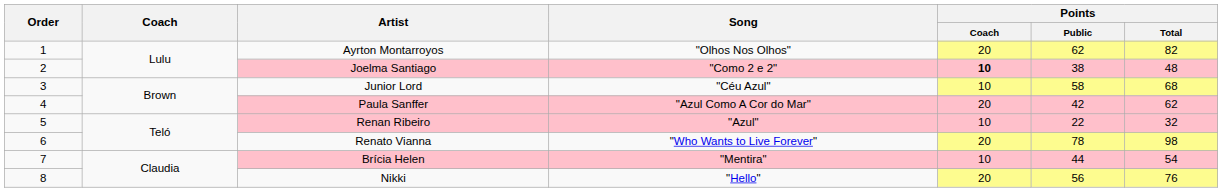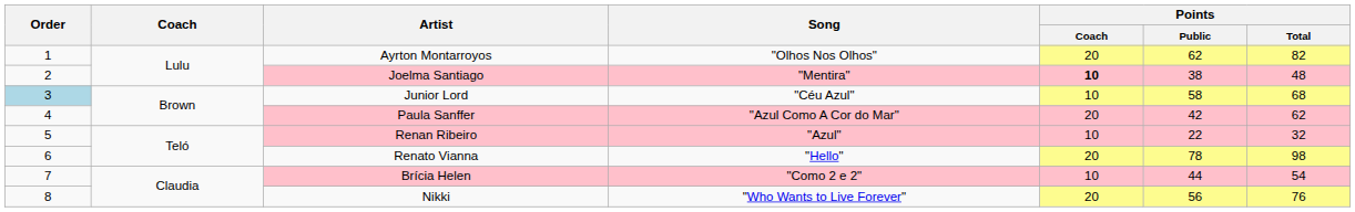 <table class="wikitable" style="text-align:center; width:85%;">
 <tr>
 <th rowspan=2 scope="col" width="05%">Order</th>
 <th rowspan=2 scope="col" width="10%">Coach</th>
 <th rowspan=2 scope="col" width="20%">Artist</th>
 <th rowspan=2 scope="col" width="25%">Song</th>
 <th colspan=3 scope="col" width="18%">Points</th>
 </tr>
 <tr>
 <th width="06%"><small>Coach</small></th>
 <th width="06%"><small>Public</small></th>
 <th width="06%"><small>Total</small></th>
 </tr>
 <tr>
 <td>1</td>
 <td rowspan=2>Lulu</td>
 <td>Ayrton Montarroyos</td>
 <td>"Olhos Nos Olhos"</td>
 <td bgcolor="FDFC8F">20</td>
 <td bgcolor="FDFC8F">62</td>
 <td bgcolor="FDFC8F">82</td>
 </tr>
 <tr>
 <td>2</td>
 <td bgcolor="FFC0CB">Joelma Santiago</td>
-<td bgcolor="FFC0CB">"Como 2 e 2"</td>
+<td bgcolor="FFC0CB">"Mentira"</td>
 <td bgcolor="FFC0CB"><strong>10</strong></td>
 <td bgcolor="FFC0CB">38</td>
 <td bgcolor="FFC0CB">48</td>
 </tr>
 <tr>
-<td>3</td>
+<td style="background: lightblue;">3</td>
 <td rowspan=2>Brown</td>
 <td>Junior Lord</td>
 <td>"Céu Azul"</td>
 <td bgcolor="FDFC8F">10</td>
 <td bgcolor="FDFC8F">58</td>
 <td bgcolor="FDFC8F">68</td>
 </tr>
 <tr>
 <td>4</td>
 <td bgcolor="FFC0CB">Paula Sanffer</td>
 <td bgcolor="FFC0CB">"Azul Como A Cor do Mar"</td>
 <td bgcolor="FFC0CB">20</td>
 <td bgcolor="FFC0CB">42</td>
 <td bgcolor="FFC0CB">62</td>
 </tr>
 <tr>
 <td>5</td>
 <td rowspan=2>Teló</td>
 <td bgcolor="FFC0CB">Renan Ribeiro</td>
 <td bgcolor="FFC0CB">"Azul"</td>
 <td bgcolor="FFC0CB">10</td>
 <td bgcolor="FFC0CB">22</td>
 <td bgcolor="FFC0CB">32</td>
 </tr>
 <tr>
 <td>6</td>
 <td>Renato Vianna</td>
-<td>"<a href='#'>Who Wants to Live Forever</a>"</td>
+<td>"<a href='#'>Hello</a>"</td>
 <td bgcolor="FDFC8F">20</td>
 <td bgcolor="FDFC8F">78</td>
 <td bgcolor="FDFC8F">98</td>
 </tr>
 <tr>
 <td>7</td>
 <td rowspan=2>Claudia</td>
 <td bgcolor="FFC0CB">Brícia Helen</td>
-<td bgcolor="FFC0CB">"Mentira"</td>
+<td bgcolor="FFC0CB">"Como 2 e 2"</td>
 <td bgcolor="FFC0CB">10</td>
 <td bgcolor="FFC0CB">44</td>
 <td bgcolor="FFC0CB">54</td>
 </tr>
 <tr>
 <td>8</td>
 <td>Nikki</td>
-<td>"<a href='#'>Hello</a>"</td>
+<td>"<a href='#'>Who Wants to Live Forever</a>"</td>
 <td bgcolor="FDFC8F">20</td>
 <td bgcolor="FDFC8F">56</td>
 <td bgcolor="FDFC8F">76</td>
 </tr>
 </table>
